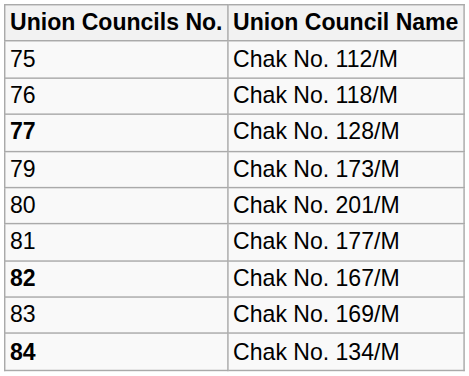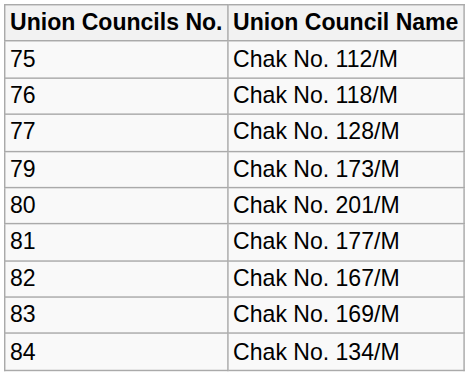 <table class="wikitable">
 <tr>
 <th>Union Councils No.</th>
 <th>Union Council Name</th>
 </tr>
 <tr>
 <td>75</td>
 <td>Chak No. 112/M</td>
 </tr>
 <tr>
 <td>76</td>
 <td>Chak No. 118/M</td>
 </tr>
 <tr>
-<td><strong>77</strong></td>
+<td>77</td>
 <td>Chak No. 128/M</td>
 </tr>
 <tr>
 <td>79</td>
 <td>Chak No. 173/M</td>
 </tr>
 <tr>
 <td>80</td>
 <td>Chak No. 201/M</td>
 </tr>
 <tr>
 <td>81</td>
 <td>Chak No. 177/M</td>
 </tr>
 <tr>
-<td><strong>82</strong></td>
+<td>82</td>
 <td>Chak No. 167/M</td>
 </tr>
 <tr>
 <td>83</td>
 <td>Chak No. 169/M</td>
 </tr>
 <tr>
-<td><strong>84</strong></td>
+<td>84</td>
 <td>Chak No. 134/M</td>
 </tr>
 </table>
